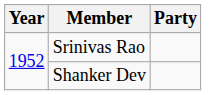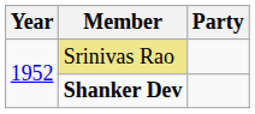 <table class="wikitable sortable">
 <tr>
 <th>Year</th>
 <th>Member</th>
 <th colspan=2>Party</th>
 </tr>
 <tr>
 <td rowspan="2"><a href='#'>1952</a></td>
-<td>Srinivas Rao</td>
+<td style="background: khaki;">Srinivas Rao</td>
 <td></td>
 </tr>
 <tr>
-<td>Shanker Dev</td>
+<td><strong>Shanker Dev</strong></td>
 </tr>
 </table>
